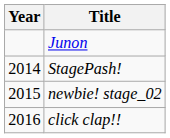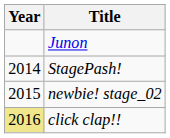 <table class="wikitable">
 <tr>
 <th>Year</th>
 <th>Title</th>
 </tr>
 <tr>
 <td></td>
 <td><em><a href='#'>Junon</a></em></td>
 </tr>
 <tr>
 <td>2014</td>
 <td><em>StagePash!</em></td>
 </tr>
 <tr>
 <td>2015</td>
 <td><em>newbie! stage_02</em></td>
 </tr>
 <tr>
-<td>2016</td>
+<td style="background: khaki;">2016</td>
 <td><em>click clap!!</em></td>
 </tr>
 </table>
